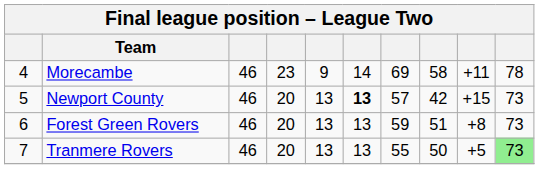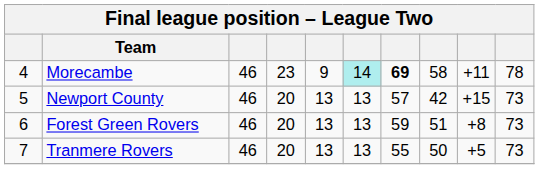 <table class="wikitable" style="text-align:center">
 <tr>
 <th colspan=10><big>Final league position – League Two</big></th>
 </tr>
 <tr>
 <th width="30"></th>
 <th width="175">Team</th>
 <th width="30"></th>
 <th width="30"></th>
 <th width="30"></th>
 <th width="30"></th>
 <th width="30"></th>
 <th width="30"></th>
 <th width="30"></th>
 <th width="30"></th>
 </tr>
 <tr>
 <td>4</td>
 <td align="left"><a href='#'>Morecambe</a></td>
 <td>46</td>
 <td>23</td>
 <td>9</td>
-<td>14</td>
-<td>69</td>
+<td style="background: paleturquoise;">14</td>
+<td><strong>69</strong></td>
 <td>58</td>
 <td>+11</td>
 <td>78</td>
 </tr>
 <tr>
 <td>5</td>
 <td align="left"><a href='#'>Newport County</a></td>
 <td>46</td>
 <td>20</td>
 <td>13</td>
-<td><strong>13</strong></td>
+<td>13</td>
 <td>57</td>
 <td>42</td>
 <td>+15</td>
 <td>73</td>
 </tr>
 <tr>
 <td>6</td>
 <td align="left"><a href='#'>Forest Green Rovers</a></td>
 <td>46</td>
 <td>20</td>
 <td>13</td>
 <td>13</td>
 <td>59</td>
 <td>51</td>
 <td>+8</td>
 <td>73</td>
 </tr>
 <tr>
 <td>7</td>
 <td align="left"><a href='#'>Tranmere Rovers</a></td>
 <td>46</td>
 <td>20</td>
 <td>13</td>
 <td>13</td>
 <td>55</td>
 <td>50</td>
 <td>+5</td>
-<td style="background: lightgreen;">73</td>
+<td>73</td>
 </tr>
 <tr>
 </tr>
 </table>
